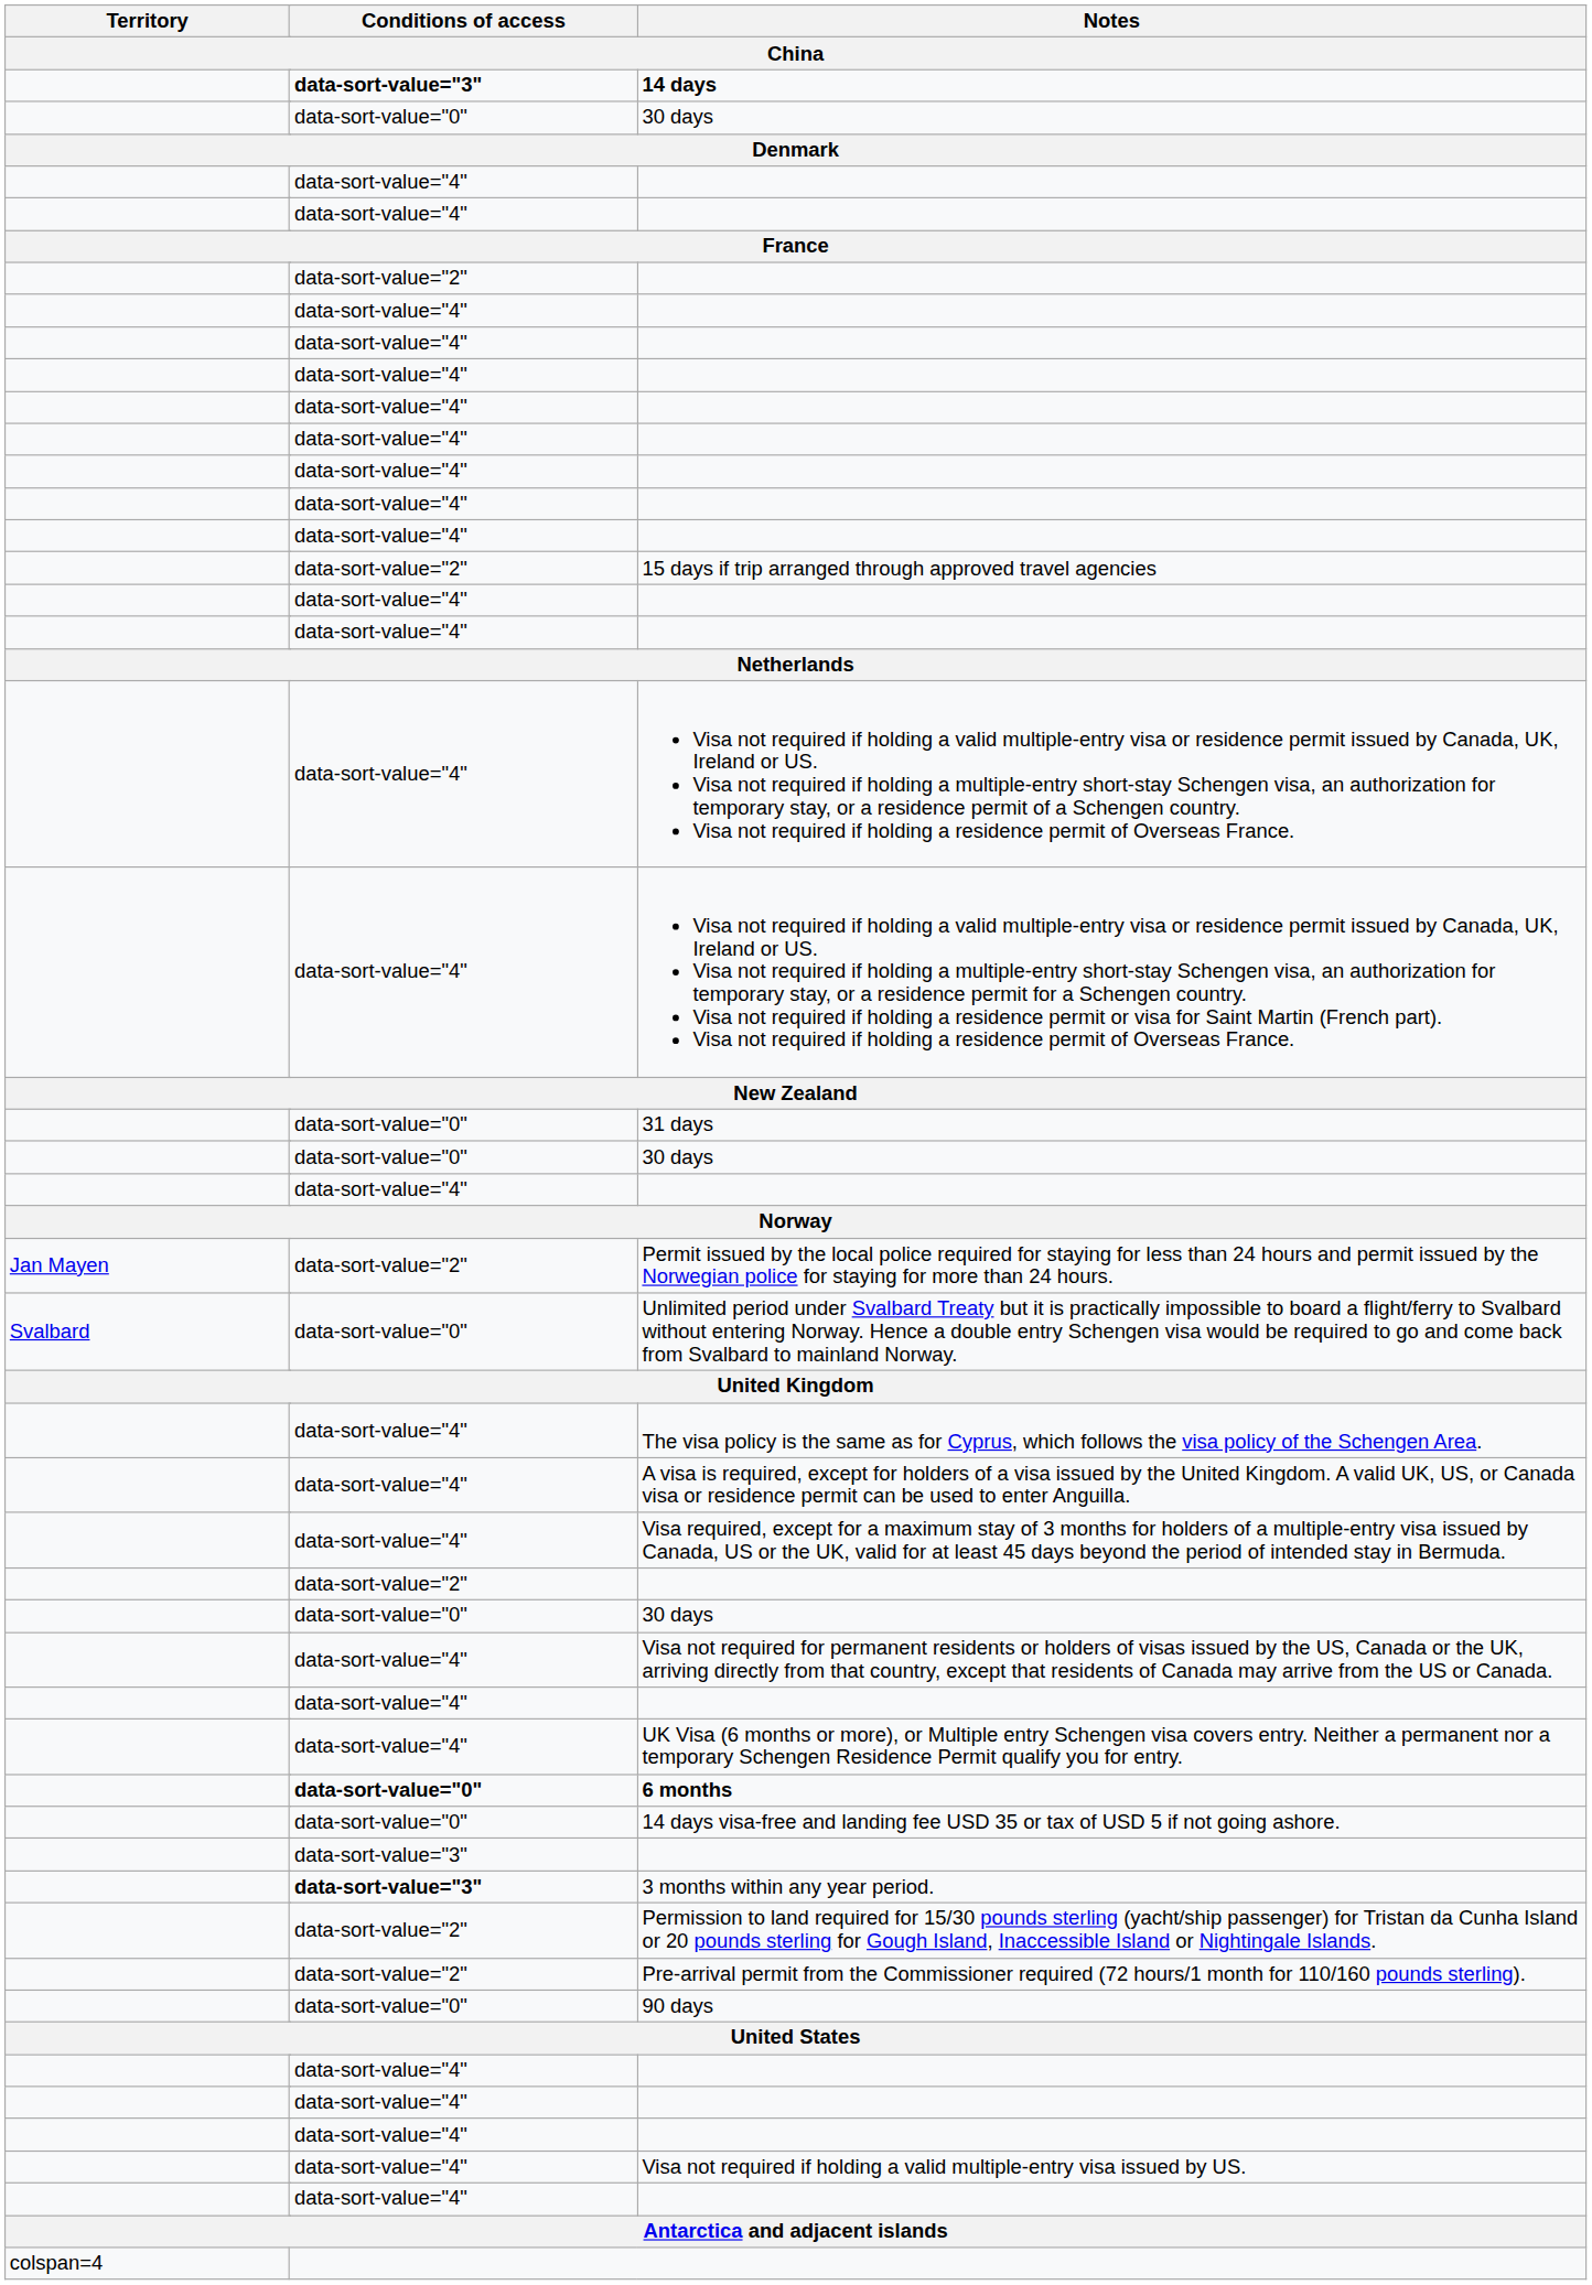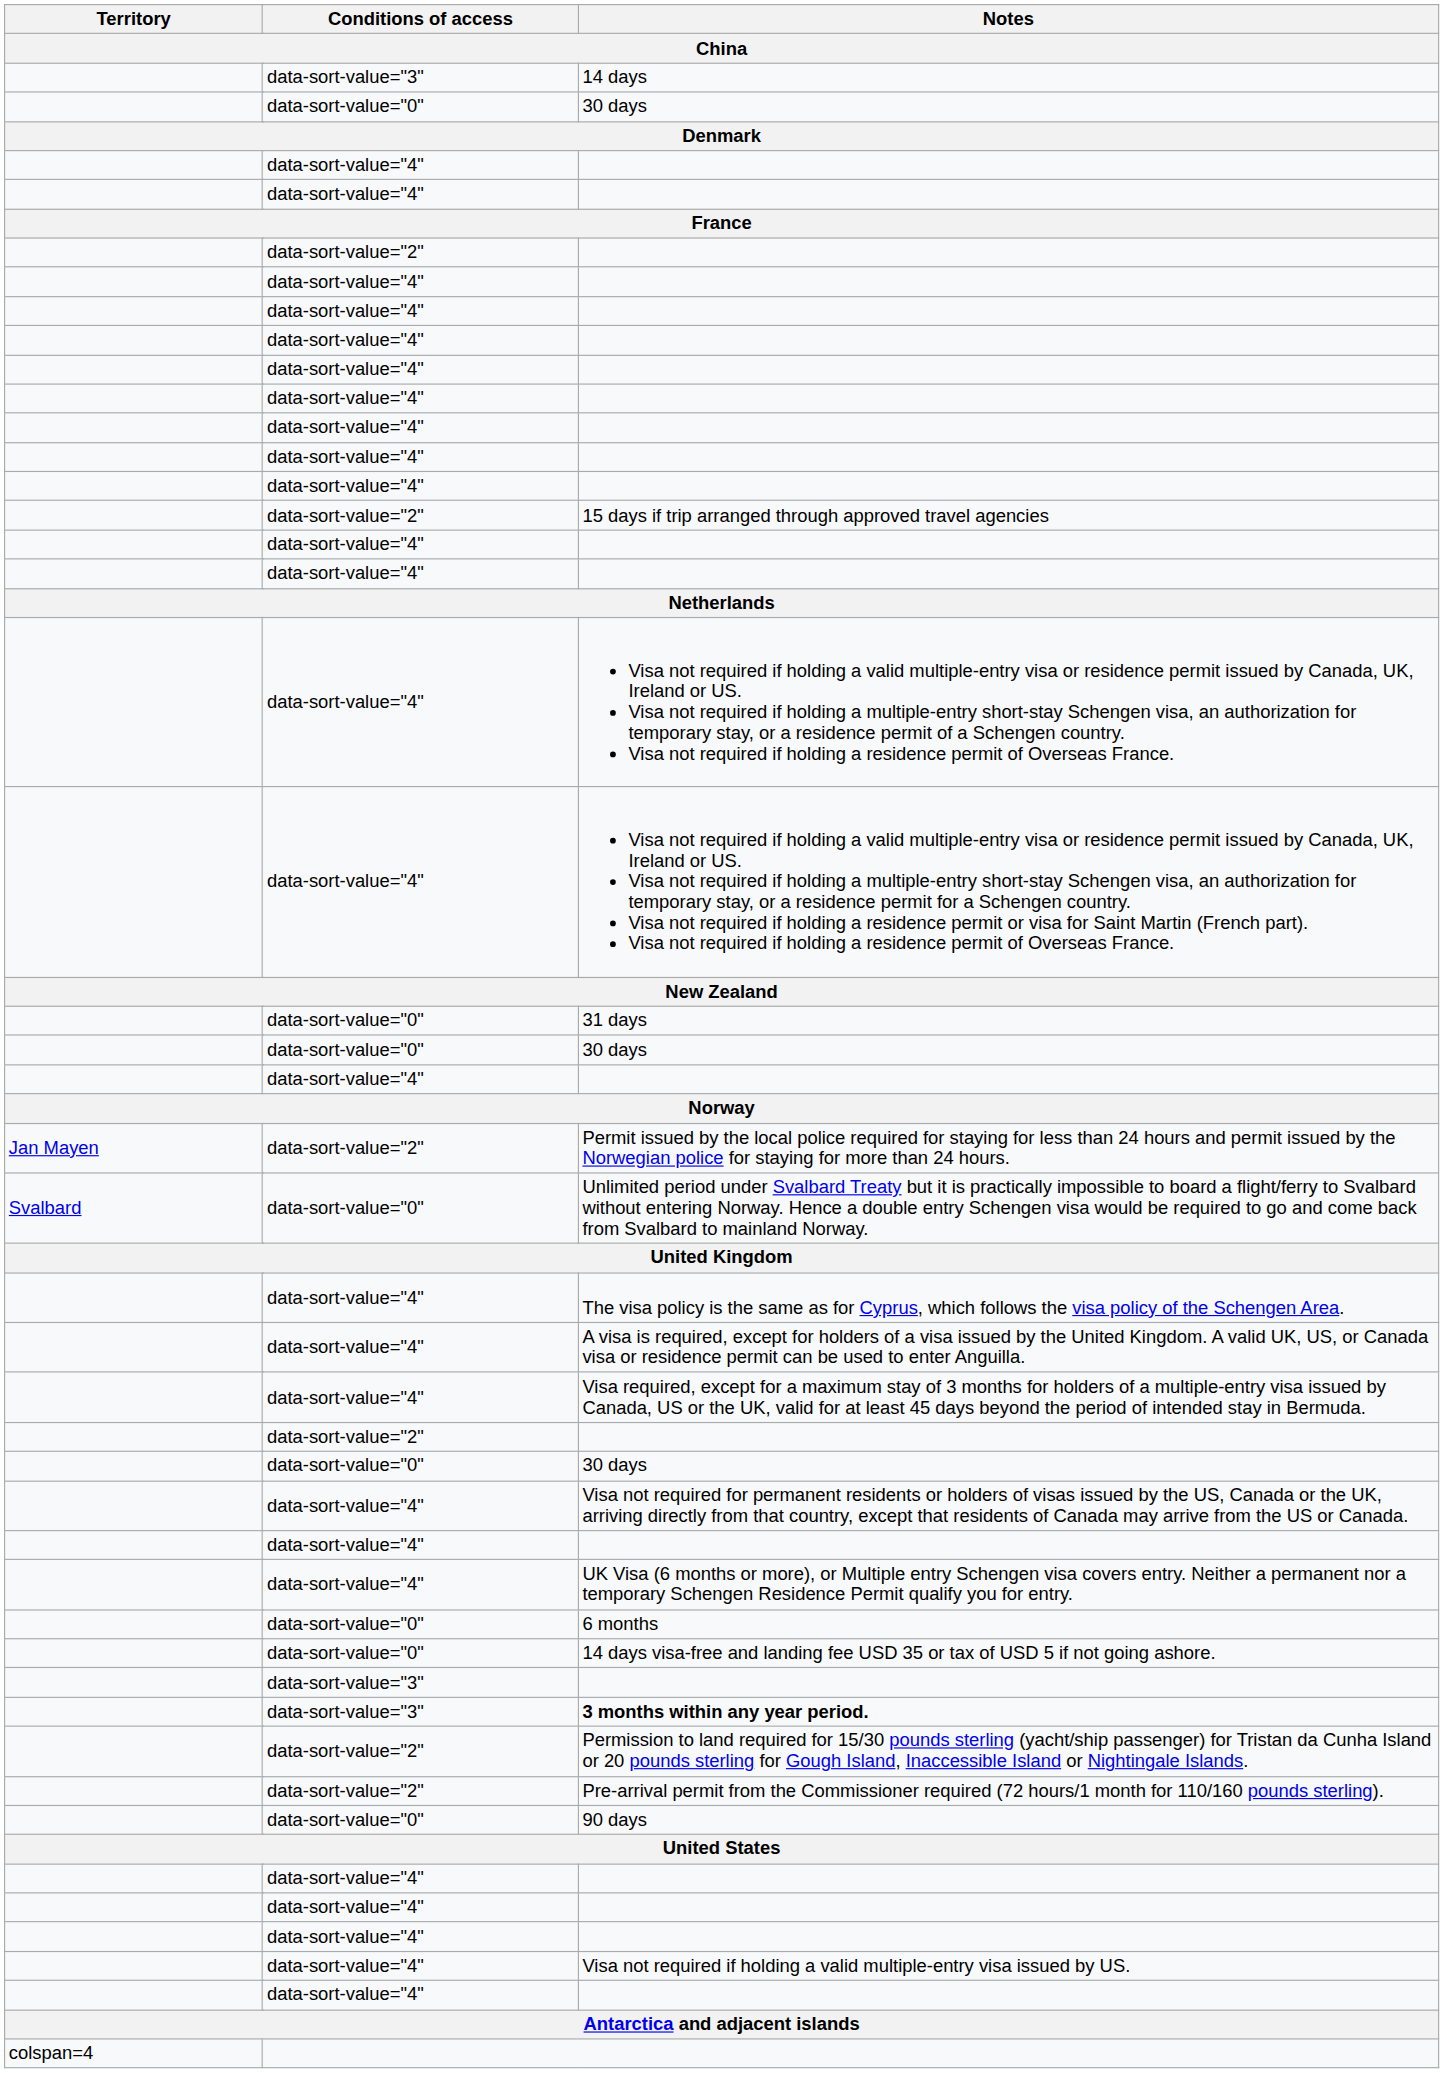 <table class="wikitable sortable sticky-header mw-datatable" style="text-align: left; table-layout: fixed;background:#f8f9faff;">
 <tr>
 <th colspan="2" style="width:18%;">Territory</th>
 <th style="width:22%;">Conditions of access</th>
 <th>Notes</th>
 </tr>
 <tr>
 <th colspan="4">China</th>
 </tr>
 <tr>
 <td colspan=2></td>
-<td><strong>data-sort-value="3" </strong></td>
-<td><strong>14 days</strong></td>
+<td>data-sort-value="3" </td>
+<td>14 days</td>
 </tr>
 <tr>
 <td colspan=2></td>
 <td>data-sort-value="0" </td>
 <td>30 days</td>
 </tr>
 <tr>
 <th colspan="4">Denmark</th>
 </tr>
 <tr>
 <td colspan=2></td>
 <td>data-sort-value="4" </td>
 <td></td>
 </tr>
 <tr>
 <td colspan=2></td>
 <td>data-sort-value="4" </td>
 <td></td>
 </tr>
 <tr>
 <th colspan="4">France</th>
 </tr>
 <tr>
 <td colspan=2></td>
 <td>data-sort-value="2" </td>
 <td></td>
 </tr>
 <tr>
 <td colspan=2></td>
 <td>data-sort-value="4" </td>
 <td></td>
 </tr>
 <tr>
 <td colspan=2></td>
 <td>data-sort-value="4" </td>
 <td></td>
 </tr>
 <tr>
 <td colspan=2></td>
 <td>data-sort-value="4" </td>
 <td></td>
 </tr>
 <tr>
 <td colspan=2></td>
 <td>data-sort-value="4" </td>
 <td></td>
 </tr>
 <tr>
 <td colspan=2></td>
 <td>data-sort-value="4" </td>
 <td></td>
 </tr>
 <tr>
 <td colspan=2></td>
 <td>data-sort-value="4" </td>
 <td></td>
 </tr>
 <tr>
 <td colspan=2></td>
 <td>data-sort-value="4" </td>
 <td></td>
 </tr>
 <tr>
 <td colspan=2></td>
 <td>data-sort-value="4" </td>
 <td></td>
 </tr>
 <tr>
 <td colspan=2></td>
 <td>data-sort-value="2" </td>
 <td>15 days if trip arranged through approved travel agencies</td>
 </tr>
 <tr>
 <td colspan=2></td>
 <td>data-sort-value="4" </td>
 <td></td>
 </tr>
 <tr>
 <td colspan=2></td>
 <td>data-sort-value="4" </td>
 <td></td>
 </tr>
 <tr>
 <th colspan="4">Netherlands</th>
 </tr>
 <tr>
 <td colspan=2><br><br><br><br> <br> </td>
 <td>data-sort-value="4" </td>
 <td><br><ul><li>Visa not required if holding a valid multiple-entry visa or residence permit issued by Canada, UK, Ireland or US.</li><li>Visa not required if holding a multiple-entry short-stay Schengen visa, an authorization for temporary stay, or a residence permit of a Schengen country.</li><li>Visa not required if holding a residence permit of Overseas France.</li></ul></td>
 </tr>
 <tr>
 <td colspan=2></td>
 <td>data-sort-value="4" </td>
 <td><br><ul><li>Visa not required if holding a valid multiple-entry visa or residence permit issued by Canada, UK, Ireland or US.</li><li>Visa not required if holding a multiple-entry short-stay Schengen visa, an authorization for temporary stay, or a residence permit for a Schengen country.</li><li>Visa not required if holding a residence permit or visa for Saint Martin (French part).</li><li>Visa not required if holding a residence permit of Overseas France.</li></ul></td>
 </tr>
 <tr>
 <th colspan="4">New Zealand</th>
 </tr>
 <tr>
 <td colspan=2></td>
 <td>data-sort-value="0" </td>
 <td>31 days</td>
 </tr>
 <tr>
 <td colspan=2></td>
 <td>data-sort-value="0" </td>
 <td>30 days</td>
 </tr>
 <tr>
 <td colspan=2></td>
 <td>data-sort-value="4" </td>
 <td></td>
 </tr>
 <tr>
 <th colspan="4">Norway</th>
 </tr>
 <tr>
 <td colspan=2> <a href='#'>Jan Mayen</a></td>
 <td>data-sort-value="2" </td>
 <td>Permit issued by the local police required for staying for less than 24 hours and permit issued by the <a href='#'>Norwegian police</a> for staying for more than 24 hours.</td>
 </tr>
 <tr>
 <td colspan=2> <a href='#'>Svalbard</a></td>
 <td>data-sort-value="0" </td>
 <td>Unlimited period under <a href='#'>Svalbard Treaty</a> but it is practically impossible to board a flight/ferry to Svalbard without entering Norway. Hence a double entry Schengen visa would be required to go and come back from Svalbard to mainland Norway.</td>
 </tr>
 <tr>
 <th colspan="4">United Kingdom</th>
 </tr>
 <tr>
 <td colspan=2></td>
 <td>data-sort-value="4" </td>
 <td><br>The visa policy is the same as for <a href='#'>Cyprus</a>, which follows the <a href='#'>visa policy of the Schengen Area</a>.</td>
 </tr>
 <tr>
 <td colspan=2></td>
 <td>data-sort-value="4" </td>
 <td>A visa is required, except for holders of a visa issued by the United Kingdom. A valid UK, US, or Canada visa or residence permit can be used to enter Anguilla.</td>
 </tr>
 <tr>
 <td colspan=2></td>
 <td>data-sort-value="4" </td>
 <td>Visa required, except for a maximum stay of 3 months for holders of a multiple-entry visa issued by Canada, US or the UK, valid for at least 45 days beyond the period of intended stay in Bermuda.</td>
 </tr>
 <tr>
 <td colspan=2></td>
 <td>data-sort-value="2" </td>
 <td></td>
 </tr>
 <tr>
 <td colspan=2></td>
 <td>data-sort-value="0" </td>
 <td>30 days</td>
 </tr>
 <tr>
 <td colspan=2></td>
 <td>data-sort-value="4" </td>
 <td>Visa not required for permanent residents or holders of visas issued by the US, Canada or the UK, arriving directly from that country, except that residents of Canada may arrive from the US or Canada.</td>
 </tr>
 <tr>
 <td colspan=2></td>
 <td>data-sort-value="4" </td>
 <td></td>
 </tr>
 <tr>
 <td colspan=2></td>
 <td>data-sort-value="4" </td>
 <td>UK Visa (6 months or more), or Multiple entry Schengen visa covers entry. Neither a permanent nor a temporary Schengen Residence Permit qualify you for entry.</td>
 </tr>
 <tr>
 <td colspan=2></td>
-<td><strong>data-sort-value="0" </strong></td>
-<td><strong>6 months</strong></td>
+<td>data-sort-value="0" </td>
+<td>6 months</td>
 </tr>
 <tr>
 <td colspan=2></td>
 <td>data-sort-value="0" </td>
 <td>14 days visa-free and landing fee USD 35 or tax of USD 5 if not going ashore.</td>
 </tr>
 <tr>
 <td colspan=2></td>
 <td>data-sort-value="3" </td>
 <td></td>
 </tr>
 <tr>
 <td colspan=2></td>
-<td><strong>data-sort-value="3" </strong></td>
-<td>3 months within any year period.</td>
+<td>data-sort-value="3" </td>
+<td><strong>3 months within any year period.</strong></td>
 </tr>
 <tr>
 <td colspan=2></td>
 <td>data-sort-value="2" </td>
 <td>Permission to land required for 15/30 <a href='#'>pounds sterling</a> (yacht/ship passenger) for Tristan da Cunha Island or 20 <a href='#'>pounds sterling</a> for <a href='#'>Gough Island</a>, <a href='#'>Inaccessible Island</a> or <a href='#'>Nightingale Islands</a>.</td>
 </tr>
 <tr>
 <td colspan=2></td>
 <td>data-sort-value="2" </td>
 <td>Pre-arrival permit from the Commissioner required (72 hours/1 month for 110/160 <a href='#'>pounds sterling</a>).</td>
 </tr>
 <tr>
 <td colspan=2></td>
 <td>data-sort-value="0" </td>
 <td>90 days</td>
 </tr>
 <tr>
 <th colspan="4">United States</th>
 </tr>
 <tr>
 <td colspan=2></td>
 <td>data-sort-value="4" </td>
 <td></td>
 </tr>
 <tr>
 <td colspan=2></td>
 <td>data-sort-value="4" </td>
 <td></td>
 </tr>
 <tr>
 <td colspan=2></td>
 <td>data-sort-value="4" </td>
 <td></td>
 </tr>
 <tr>
 <td colspan=2></td>
 <td>data-sort-value="4" </td>
 <td>Visa not required if holding a valid multiple-entry visa issued by US.</td>
 </tr>
 <tr>
 <td colspan=2></td>
 <td>data-sort-value="4" </td>
 <td></td>
 </tr>
 <tr>
 <th colspan=4><a href='#'>Antarctica</a> and adjacent islands</th>
 </tr>
 <tr>
 <td>colspan=4 </td>
 </tr>
 </table>
